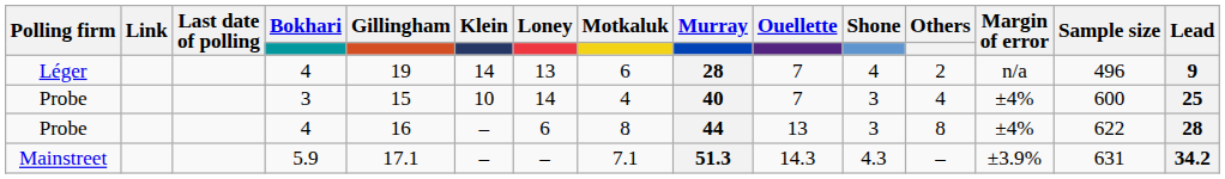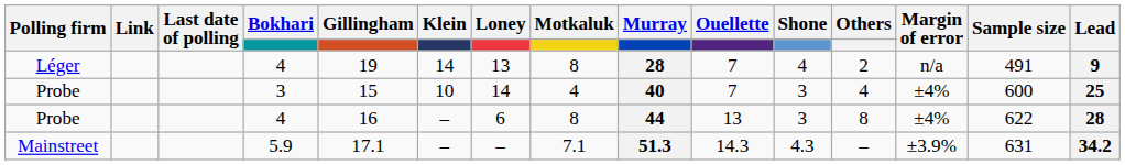 <table class="wikitable sortable tpl-blanktable" style="text-align:center; line-height:14px;font-size:90%;">
 <tr>
 <th rowspan="2">Polling firm</th>
 <th rowspan="2" class="unsortable">Link</th>
 <th rowspan="2">Last date<br>of polling</th>
 <th style="width:25px;"><a href='#'>Bokhari</a></th>
 <th style="width:25px;">Gillingham</th>
 <th style="width:25px;">Klein</th>
 <th style="width:25px;">Loney</th>
 <th style="width:25px;">Motkaluk</th>
 <th style="width:25px;"><a href='#'>Murray</a></th>
 <th style="width:25px;"><a href='#'>Ouellette</a></th>
 <th style="width:25px;">Shone</th>
 <th style="width:25px;">Others</th>
 <th rowspan="2">Margin<br>of error</th>
 <th rowspan="2" class="unsortable">Sample size</th>
 <th rowspan="2">Lead</th>
 </tr>
 <tr class="sorttop">
 <th style="background-color:#03989e;"></th>
 <th style="background-color:#d34e23;"></th>
 <th style="background-color:#263766;"></th>
 <th style="background-color:#ef3741;"></th>
 <th style="background-color:#f3d315;"></th>
 <th style="background-color:#0142b4;"></th>
 <th style="background-color:#52247f;"></th>
 <th style="background-color:#5f95ce;"></th>
 <th style="background-color:"></th>
 </tr>
 <tr>
 <td><a href='#'>Léger</a></td>
 <td></td>
 <td></td>
 <td>4</td>
 <td>19</td>
 <td>14</td>
 <td>13</td>
-<td>6</td>
+<td>8</td>
 <th style="background:#">28</th>
 <td>7</td>
 <td>4</td>
 <td>2</td>
 <td>n/a</td>
-<td>496</td>
+<td>491</td>
 <th style="background:#">9</th>
 </tr>
 <tr>
 <td>Probe</td>
 <td></td>
 <td></td>
 <td>3</td>
 <td>15</td>
 <td>10</td>
 <td>14</td>
 <td>4</td>
 <th style="background:#">40</th>
 <td>7</td>
 <td>3</td>
 <td>4</td>
 <td>±4%</td>
 <td>600</td>
 <th style="background:#">25</th>
 </tr>
 <tr>
 <td>Probe</td>
 <td></td>
 <td></td>
 <td>4</td>
 <td>16</td>
 <td>–</td>
 <td>6</td>
 <td>8</td>
 <th style="background:#">44</th>
 <td>13</td>
 <td>3</td>
 <td>8</td>
 <td>±4%</td>
 <td>622</td>
 <th style="background:#">28</th>
 </tr>
 <tr>
 <td><a href='#'>Mainstreet</a></td>
 <td></td>
 <td></td>
 <td>5.9</td>
 <td>17.1</td>
 <td>–</td>
 <td>–</td>
 <td>7.1</td>
 <th style="background:#">51.3</th>
 <td>14.3</td>
 <td>4.3</td>
 <td>–</td>
 <td>±3.9%</td>
 <td>631</td>
 <th style="background:#">34.2</th>
 </tr>
 </table>
